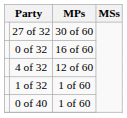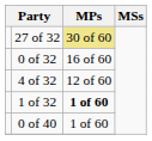 <table class="wikitable">
 <tr>
 <th colspan=2>Party</th>
 <th>MPs</th>
 <th>MSs</th>
 </tr>
 <tr>
 <td></td>
 <td align="center">27 of 32</td>
-<td align="center">30 of 60</td>
+<td align="center" style="background: khaki;">30 of 60</td>
 </tr>
 <tr>
 <td></td>
 <td align="center">0 of 32</td>
 <td align="center">16 of 60</td>
 </tr>
 <tr>
 <td></td>
 <td align="center">4 of 32</td>
 <td align="center">12 of 60</td>
 </tr>
 <tr>
 <td></td>
 <td align="center">1 of 32</td>
-<td align="center">1 of 60</td>
+<td align="center"><strong>1 of 60</strong></td>
 </tr>
 <tr>
 <td></td>
 <td align="center">0 of 40</td>
 <td align="center">1 of 60</td>
 </tr>
 <tr>
 </tr>
 </table>
